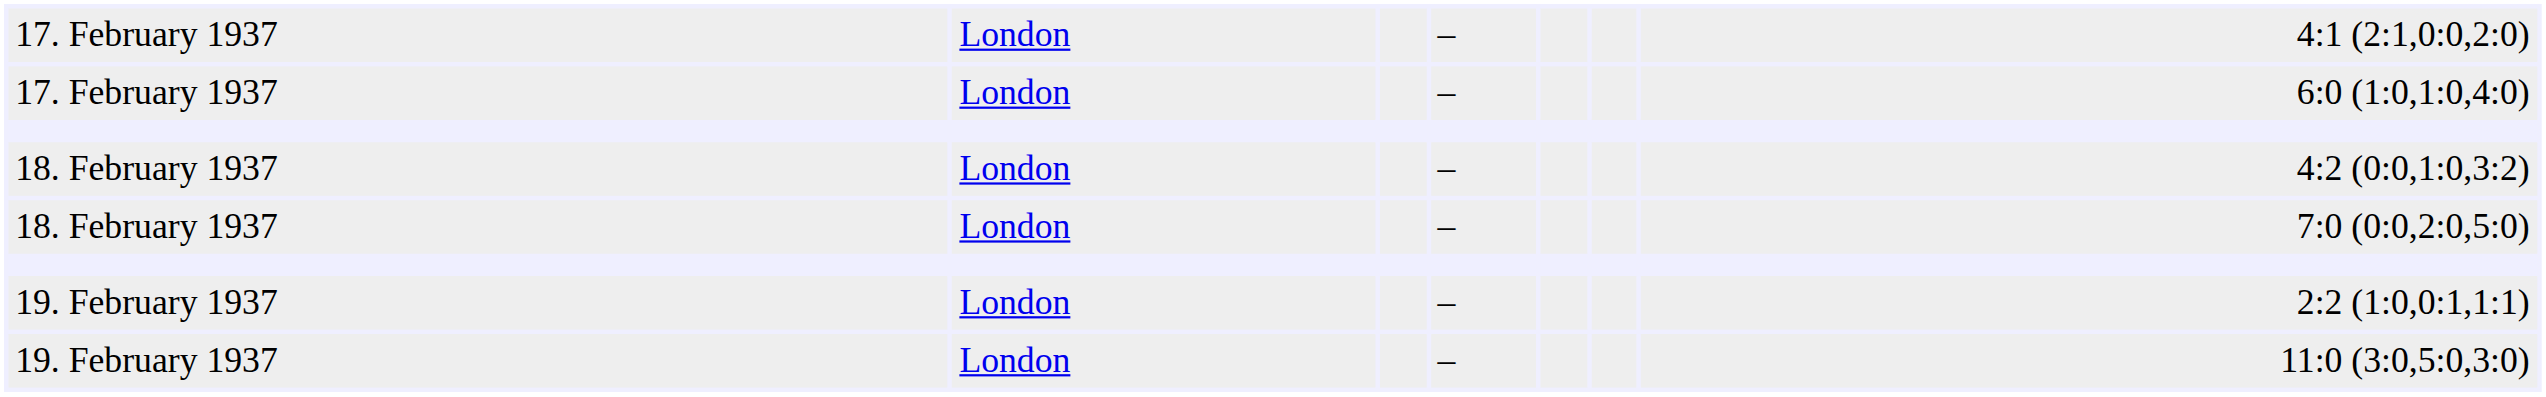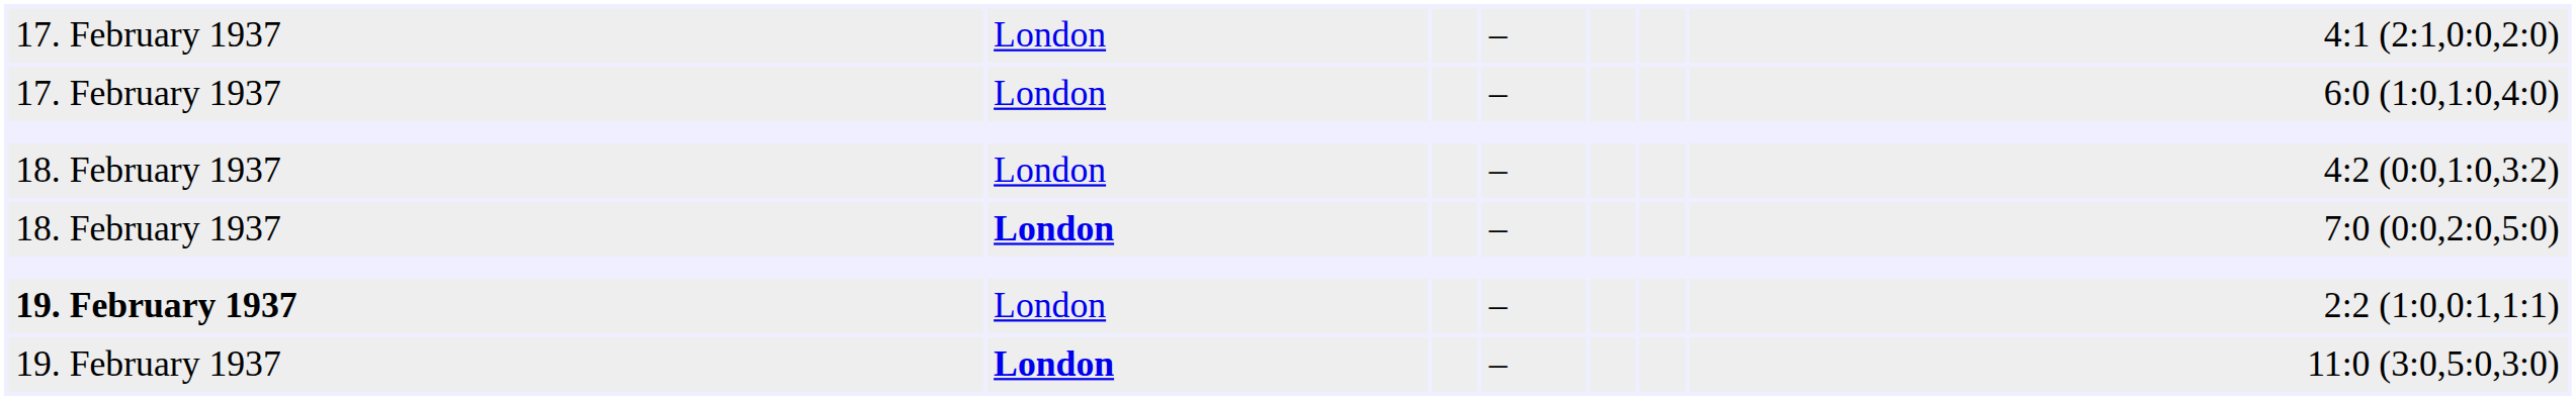 <table cellspacing="2" border="0" cellpadding="3" bgcolor="#EFEFFF" width="90%">
 <tr>
 <td bgcolor="#EEEEEE">17. February 1937</td>
 <td bgcolor="#EEEEEE"><a href='#'>London</a></td>
 <td bgcolor="#EEEEEE"></td>
 <td bgcolor="#EEEEEE">–</td>
 <td bgcolor="#EEEEEE"></td>
 <td bgcolor="#EEEEEE"></td>
 <td bgcolor="#EEEEEE" align="right">4:1 (2:1,0:0,2:0)</td>
 </tr>
 <tr>
 <td bgcolor="#EEEEEE">17. February 1937</td>
 <td bgcolor="#EEEEEE"><a href='#'>London</a></td>
 <td bgcolor="#EEEEEE"></td>
 <td bgcolor="#EEEEEE">–</td>
 <td bgcolor="#EEEEEE"></td>
 <td bgcolor="#EEEEEE"></td>
 <td bgcolor="#EEEEEE" align="right">6:0 (1:0,1:0,4:0)</td>
 </tr>
 <tr>
 <td></td>
 </tr>
 <tr>
 <td bgcolor="#EEEEEE">18. February 1937</td>
 <td bgcolor="#EEEEEE"><a href='#'>London</a></td>
 <td bgcolor="#EEEEEE"></td>
 <td bgcolor="#EEEEEE">–</td>
 <td bgcolor="#EEEEEE"></td>
 <td bgcolor="#EEEEEE"></td>
 <td bgcolor="#EEEEEE" align="right">4:2 (0:0,1:0,3:2)</td>
 </tr>
 <tr>
 <td bgcolor="#EEEEEE">18. February 1937</td>
-<td bgcolor="#EEEEEE"><a href='#'>London</a></td>
+<td bgcolor="#EEEEEE"><strong><a href='#'>London</a></strong></td>
 <td bgcolor="#EEEEEE"></td>
 <td bgcolor="#EEEEEE">–</td>
 <td bgcolor="#EEEEEE"></td>
 <td bgcolor="#EEEEEE"></td>
 <td bgcolor="#EEEEEE" align="right">7:0 (0:0,2:0,5:0)</td>
 </tr>
 <tr>
 <td></td>
 </tr>
 <tr>
-<td bgcolor="#EEEEEE">19. February 1937</td>
+<td bgcolor="#EEEEEE"><strong>19. February 1937</strong></td>
 <td bgcolor="#EEEEEE"><a href='#'>London</a></td>
 <td bgcolor="#EEEEEE"></td>
 <td bgcolor="#EEEEEE">–</td>
 <td bgcolor="#EEEEEE"></td>
 <td bgcolor="#EEEEEE"></td>
 <td bgcolor="#EEEEEE" align="right">2:2 (1:0,0:1,1:1)</td>
 </tr>
 <tr>
 <td bgcolor="#EEEEEE">19. February 1937</td>
-<td bgcolor="#EEEEEE"><a href='#'>London</a></td>
+<td bgcolor="#EEEEEE"><strong><a href='#'>London</a></strong></td>
 <td bgcolor="#EEEEEE"></td>
 <td bgcolor="#EEEEEE">–</td>
 <td bgcolor="#EEEEEE"></td>
 <td bgcolor="#EEEEEE"></td>
 <td bgcolor="#EEEEEE" align="right">11:0 (3:0,5:0,3:0)</td>
 </tr>
 </table>
